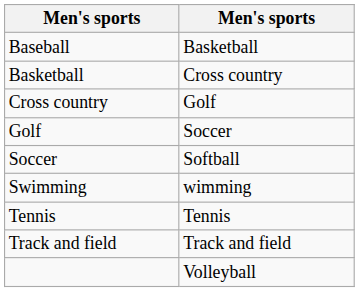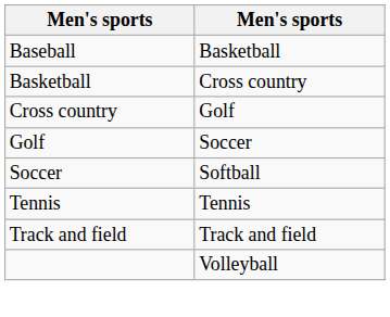 <table class="wikitable"; style= "text-align: ">
 <tr>
 <th width=150px>Men's sports</th>
 <th width=150px>Men's sports</th>
 </tr>
 <tr>
 <td>Baseball</td>
 <td>Basketball</td>
 </tr>
 <tr>
 <td>Basketball</td>
 <td>Cross country</td>
 </tr>
 <tr>
 <td>Cross country</td>
 <td>Golf</td>
 </tr>
 <tr>
 <td>Golf</td>
 <td>Soccer</td>
 </tr>
 <tr>
 <td>Soccer</td>
 <td>Softball</td>
 </tr>
 <tr>
-<td>Swimming</td>
-<td>wimming</td>
-</tr>
-<tr>
 <td>Tennis</td>
 <td>Tennis</td>
 </tr>
 <tr>
 <td>Track and field</td>
 <td>Track and field</td>
 </tr>
 <tr>
 <td></td>
 <td>Volleyball</td>
 </tr>
 </table>
